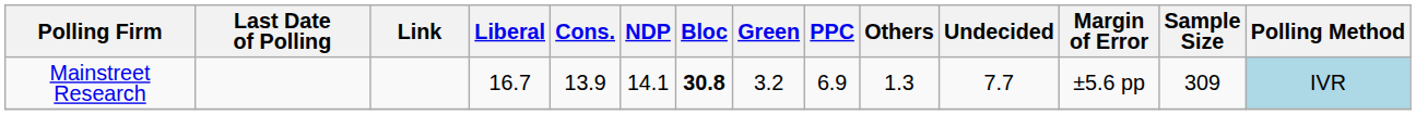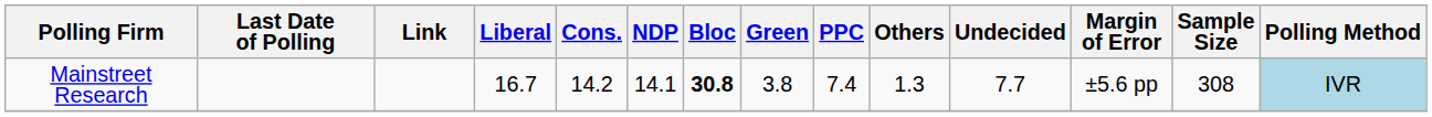 <table class="wikitable sortable" style="text-align:center;font-size:90%;line-height:14px;">
 <tr style="background:#e9e9e9;">
 <th style="width:120px">Polling Firm</th>
 <th style="width:110px">Last Date<br>of Polling</th>
 <th style="width:60px" class="unsortable">Link</th>
 <th style="background-color:"><a href='#'>Liberal</a></th>
 <th style="background-color:"><a href='#'>Cons.</a></th>
 <th style="background-color:"><a href='#'>NDP</a></th>
 <th style="background-color:"><a href='#'>Bloc</a></th>
 <th style="background-color:"><a href='#'>Green</a></th>
 <th style="background-color:"><a href='#'><span>PPC</span></a></th>
 <th style="background-color:">Others</th>
 <th style="background-color:">Undecided</th>
 <th style="width:60px;" class=unsortable>Margin<br>of Error</th>
 <th style="width:50px;" class=unsortable>Sample<br>Size</th>
 <th class=unsortable>Polling Method</th>
 </tr>
 <tr>
 <td><a href='#'>Mainstreet Research</a></td>
 <td></td>
 <td></td>
 <td>16.7</td>
-<td>13.9</td>
+<td>14.2</td>
 <td>14.1</td>
 <td style="background-color:"><strong>30.8</strong></td>
-<td>3.2</td>
-<td>6.9</td>
+<td>3.8</td>
+<td>7.4</td>
 <td>1.3</td>
 <td>7.7</td>
 <td>±5.6 pp</td>
-<td>309</td>
+<td>308</td>
 <td style="background: lightblue;">IVR</td>
 </tr>
 <tr>
 </tr>
 </table>
